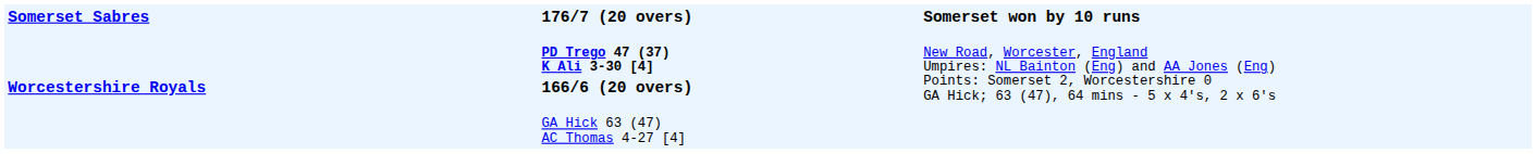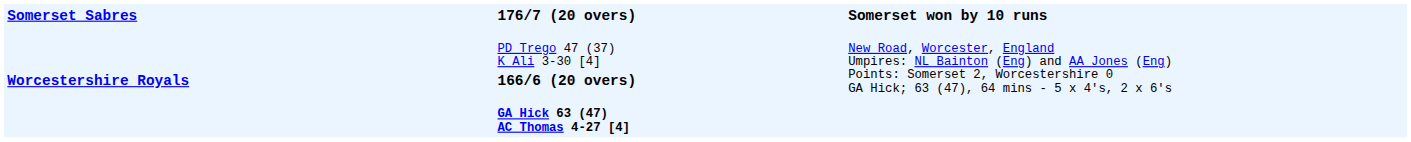 <table style="width:100%; background:#ebf5ff;">
 <tr>
 <td style="width:35%; vertical-align:top;" rowspan="2"><strong><a href='#'>Somerset Sabres</a></strong></td>
 <td style="width:25%;"><strong>176/7 (20 overs)</strong></td>
 <td style="width:40%;"><strong>Somerset won by 10 runs</strong></td>
 </tr>
 <tr>
-<td style="font-size: 85%;"><strong><br><a href='#'>PD Trego</a> 47 (37)<br> <a href='#'>K Ali</a> 3-30 [4]</strong></td>
+<td style="font-size: 85%;"><br><a href='#'>PD Trego</a> 47 (37)<br> <a href='#'>K Ali</a> 3-30 [4]</td>
 <td style="vertical-align:top; font-size:85%;" rowspan="3"><br><a href='#'>New Road</a>, <a href='#'>Worcester</a>, <a href='#'>England</a><br> Umpires: <a href='#'>NL Bainton</a> (<a href='#'>Eng</a>) and <a href='#'>AA Jones</a> (<a href='#'>Eng</a>)<br> Points: Somerset 2, Worcestershire 0<br>GA Hick; 63 (47), 64 mins - 5 x 4's, 2 x 6's</td>
 </tr>
 <tr>
 <td style="vertical-align:top;" rowspan="2"><strong><a href='#'>Worcestershire Royals</a></strong></td>
 <td><strong>166/6 (20 overs)</strong></td>
 </tr>
 <tr>
-<td style="font-size: 85%;"><br><a href='#'>GA Hick</a> 63 (47)<br> <a href='#'>AC Thomas</a> 4-27 [4]</td>
+<td style="font-size: 85%;"><strong><br><a href='#'>GA Hick</a> 63 (47)<br> <a href='#'>AC Thomas</a> 4-27 [4]</strong></td>
 </tr>
 </table>
